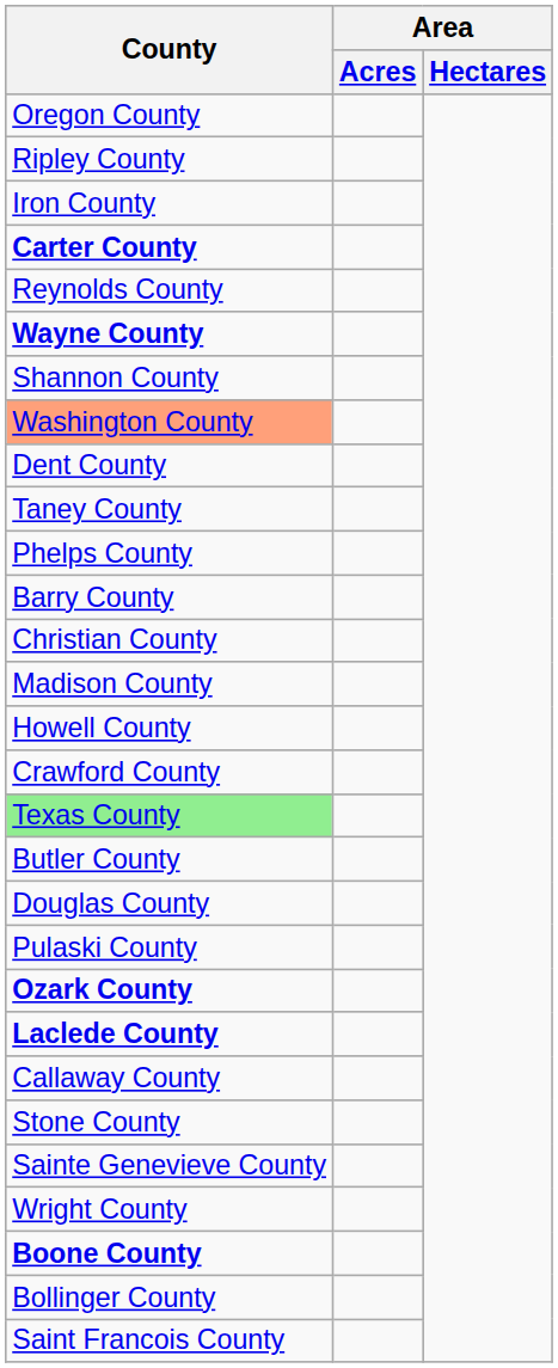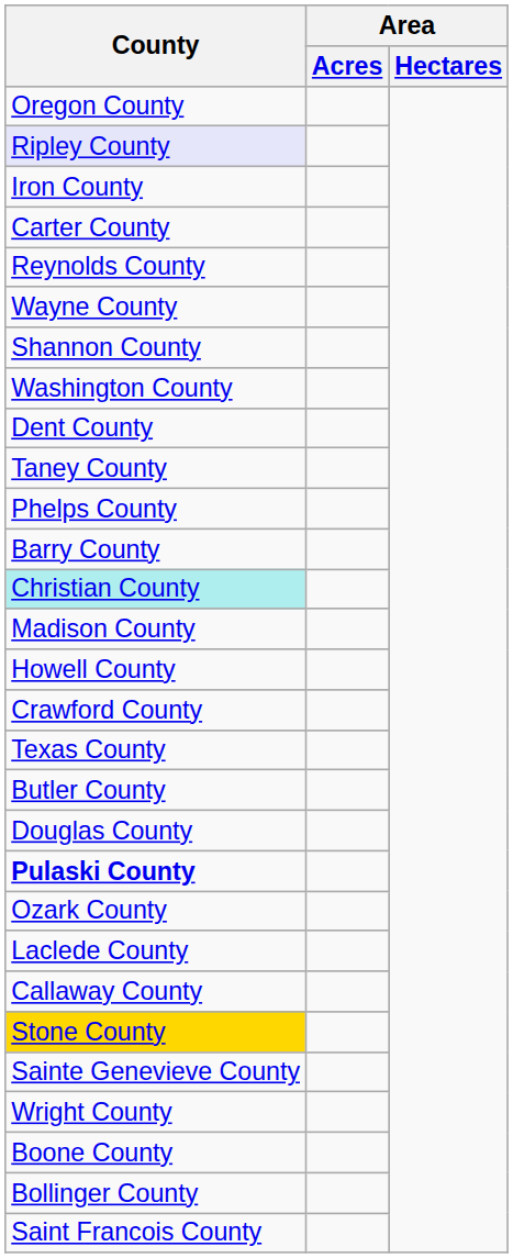 <table class="wikitable floatright" style="font-size:90%">
 <tr>
 <th rowspan="2">County</th>
 <th colspan="2">Area</th>
 </tr>
 <tr>
 <th><a href='#'>Acres</a></th>
 <th><a href='#'>Hectares</a></th>
 </tr>
 <tr>
 <td><a href='#'>Oregon County</a></td>
 <td></td>
 </tr>
 <tr>
-<td><a href='#'>Ripley County</a></td>
+<td style="background: lavender;"><a href='#'>Ripley County</a></td>
 <td></td>
 </tr>
 <tr>
 <td><a href='#'>Iron County</a></td>
 <td></td>
 </tr>
 <tr>
-<td><strong><a href='#'>Carter County</a></strong></td>
+<td><a href='#'>Carter County</a></td>
 <td></td>
 </tr>
 <tr>
 <td><a href='#'>Reynolds County</a></td>
 <td></td>
 </tr>
 <tr>
-<td><strong><a href='#'>Wayne County</a></strong></td>
+<td><a href='#'>Wayne County</a></td>
 <td></td>
 </tr>
 <tr>
 <td><a href='#'>Shannon County</a></td>
 <td></td>
 </tr>
 <tr>
-<td style="background: lightsalmon;"><a href='#'>Washington County</a></td>
+<td><a href='#'>Washington County</a></td>
 <td></td>
 </tr>
 <tr>
 <td><a href='#'>Dent County</a></td>
 <td></td>
 </tr>
 <tr>
 <td><a href='#'>Taney County</a></td>
 <td></td>
 </tr>
 <tr>
 <td><a href='#'>Phelps County</a></td>
 <td></td>
 </tr>
 <tr>
 <td><a href='#'>Barry County</a></td>
 <td></td>
 </tr>
 <tr>
-<td><a href='#'>Christian County</a></td>
+<td style="background: paleturquoise;"><a href='#'>Christian County</a></td>
 <td></td>
 </tr>
 <tr>
 <td><a href='#'>Madison County</a></td>
 <td></td>
 </tr>
 <tr>
 <td><a href='#'>Howell County</a></td>
 <td></td>
 </tr>
 <tr>
 <td><a href='#'>Crawford County</a></td>
 <td></td>
 </tr>
 <tr>
-<td style="background: lightgreen;"><a href='#'>Texas County</a></td>
+<td><a href='#'>Texas County</a></td>
 <td></td>
 </tr>
 <tr>
 <td><a href='#'>Butler County</a></td>
 <td></td>
 </tr>
 <tr>
 <td><a href='#'>Douglas County</a></td>
 <td></td>
 </tr>
 <tr>
-<td><a href='#'>Pulaski County</a></td>
+<td><strong><a href='#'>Pulaski County</a></strong></td>
 <td></td>
 </tr>
 <tr>
-<td><strong><a href='#'>Ozark County</a></strong></td>
+<td><a href='#'>Ozark County</a></td>
 <td></td>
 </tr>
 <tr>
-<td><strong><a href='#'>Laclede County</a></strong></td>
+<td><a href='#'>Laclede County</a></td>
 <td></td>
 </tr>
 <tr>
 <td><a href='#'>Callaway County</a></td>
 <td></td>
 </tr>
 <tr>
-<td><a href='#'>Stone County</a></td>
+<td style="background: gold;"><a href='#'>Stone County</a></td>
 <td></td>
 </tr>
 <tr>
 <td><a href='#'>Sainte Genevieve County</a></td>
 <td></td>
 </tr>
 <tr>
 <td><a href='#'>Wright County</a></td>
 <td></td>
 </tr>
 <tr>
-<td><strong><a href='#'>Boone County</a></strong></td>
+<td><a href='#'>Boone County</a></td>
 <td></td>
 </tr>
 <tr>
 <td><a href='#'>Bollinger County</a></td>
 <td></td>
 </tr>
 <tr>
 <td><a href='#'>Saint Francois County</a></td>
 <td></td>
 </tr>
 </table>
